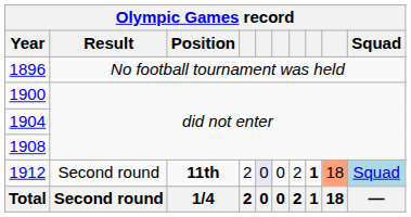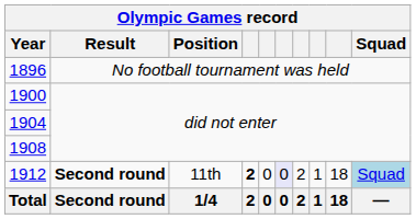 <table class="wikitable" style="text-align: center;">
 <tr>
 <th colspan=11><a href='#'>Olympic Games</a> record</th>
 </tr>
 <tr>
 <th>Year</th>
 <th>Result</th>
 <th>Position</th>
 <th></th>
 <th></th>
 <th></th>
 <th></th>
 <th></th>
 <th></th>
 <th>Squad</th>
 </tr>
 <tr>
 <td> <a href='#'>1896</a></td>
 <td colspan=9><em>No football tournament was held</em></td>
 </tr>
 <tr>
 <td> <a href='#'>1900</a></td>
 <td colspan=9 rowspan=3><em>did not enter</em></td>
 </tr>
 <tr>
 <td> <a href='#'>1904</a></td>
 </tr>
 <tr>
 <td> <a href='#'>1908</a></td>
 </tr>
 <tr>
 <td> <a href='#'>1912</a></td>
-<td>Second round</td>
-<td><strong>11th</strong></td>
+<td><strong>Second round</strong></td>
+<td>11th</td>
+<td><strong>2</strong></td>
+<td>0</td>
+<td style="background: lavender;">0</td>
 <td>2</td>
-<td style="background: lavender;">0</td>
-<td>0</td>
-<td>2</td>
-<td><strong>1</strong></td>
-<td style="background: lightsalmon;">18</td>
+<td>1</td>
+<td>18</td>
 <td style="background: lightblue;"><a href='#'>Squad</a></td>
 </tr>
 <tr>
 <th>Total</th>
 <th>Second round</th>
 <th>1/4</th>
 <th>2</th>
 <th>0</th>
 <th>0</th>
 <th>2</th>
 <th>1</th>
 <th>18</th>
 <th>—</th>
 </tr>
 </table>
